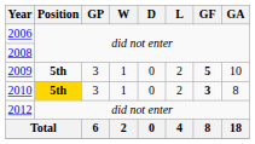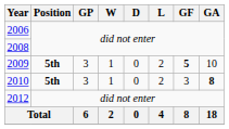 <table class="wikitable" style="text-align: center;">
 <tr>
 <th>Year</th>
 <th>Position</th>
 <th width=30>GP</th>
 <th width=30>W</th>
 <th width=30>D</th>
 <th width=30>L</th>
 <th width=30>GF</th>
 <th width=30>GA</th>
 </tr>
 <tr>
 <td> <a href='#'>2006</a></td>
 <td rowspan=2 colspan=7><em>did not enter</em></td>
 </tr>
 <tr>
 <td> <a href='#'>2008</a></td>
 </tr>
 <tr>
 <td> <a href='#'>2009</a></td>
 <td><strong>5th</strong></td>
 <td>3</td>
 <td>1</td>
 <td>0</td>
 <td>2</td>
 <td><strong>5</strong></td>
 <td>10</td>
 </tr>
 <tr>
 <td> <a href='#'>2010</a></td>
-<td style="background: gold;"><strong>5th</strong></td>
+<td><strong>5th</strong></td>
 <td>3</td>
 <td>1</td>
 <td>0</td>
 <td>2</td>
-<td><strong>3</strong></td>
-<td>8</td>
+<td>3</td>
+<td><strong>8</strong></td>
 </tr>
 <tr>
 <td> <a href='#'>2012</a></td>
 <td colspan=7><em>did not enter</em></td>
 </tr>
 <tr>
 <th colspan=2>Total</th>
 <th>6</th>
 <th>2</th>
 <th>0</th>
 <th>4</th>
 <th>8</th>
 <th>18</th>
 </tr>
 <tr>
 </tr>
 </table>
